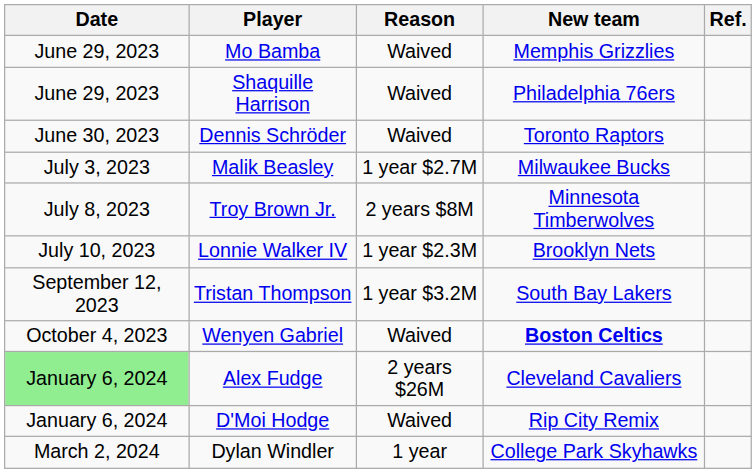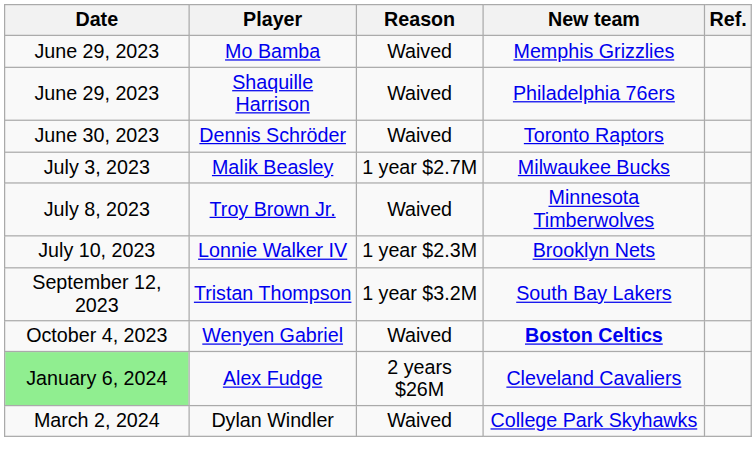 <table class="wikitable sortable sortable" style="text-align: center">
 <tr>
 <th>Date</th>
 <th>Player</th>
 <th>Reason</th>
 <th>New team</th>
 <th>Ref.</th>
 </tr>
 <tr>
 <td>June 29, 2023</td>
 <td><a href='#'>Mo Bamba</a></td>
 <td>Waived</td>
 <td><a href='#'>Memphis Grizzlies</a></td>
 <td></td>
 </tr>
 <tr>
 <td>June 29, 2023</td>
 <td><a href='#'>Shaquille Harrison</a></td>
 <td>Waived</td>
 <td><a href='#'>Philadelphia 76ers</a></td>
 <td></td>
 </tr>
 <tr>
 <td>June 30, 2023</td>
 <td><a href='#'>Dennis Schröder</a></td>
 <td>Waived</td>
 <td><a href='#'>Toronto Raptors</a></td>
 <td></td>
 </tr>
 <tr>
 <td>July 3, 2023</td>
 <td><a href='#'>Malik Beasley</a></td>
 <td>1 year $2.7M</td>
 <td><a href='#'>Milwaukee Bucks</a></td>
 <td></td>
 </tr>
 <tr>
 <td>July 8, 2023</td>
 <td><a href='#'>Troy Brown Jr.</a></td>
-<td>2 years $8M</td>
+<td>Waived</td>
 <td><a href='#'>Minnesota Timberwolves</a></td>
 <td></td>
 </tr>
 <tr>
 <td>July 10, 2023</td>
 <td><a href='#'>Lonnie Walker IV</a></td>
 <td>1 year $2.3M</td>
 <td><a href='#'>Brooklyn Nets</a></td>
 <td></td>
 </tr>
 <tr>
 <td>September 12, 2023</td>
 <td><a href='#'>Tristan Thompson</a></td>
 <td>1 year $3.2M</td>
 <td><a href='#'>South Bay Lakers</a></td>
 <td></td>
 </tr>
 <tr>
 <td>October 4, 2023</td>
 <td><a href='#'>Wenyen Gabriel</a></td>
 <td>Waived</td>
 <td><strong><a href='#'>Boston Celtics</a></strong></td>
 <td></td>
 </tr>
 <tr>
 <td style="background: lightgreen;">January 6, 2024</td>
 <td><a href='#'>Alex Fudge</a></td>
 <td>2 years $26M</td>
 <td><a href='#'>Cleveland Cavaliers</a></td>
 <td></td>
 </tr>
 <tr>
-<td>January 6, 2024</td>
-<td><a href='#'>D'Moi Hodge</a></td>
-<td>Waived</td>
-<td><a href='#'>Rip City Remix</a></td>
-<td></td>
-</tr>
-<tr>
 <td>March 2, 2024</td>
 <td>Dylan Windler</td>
-<td>1 year</td>
+<td>Waived</td>
 <td><a href='#'>College Park Skyhawks</a></td>
 <td></td>
 </tr>
 </table>
